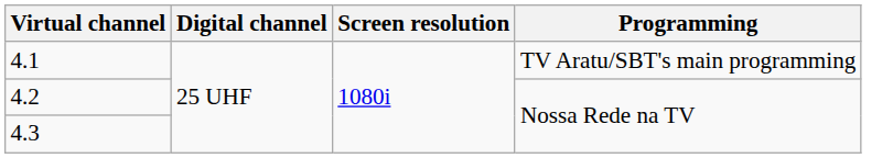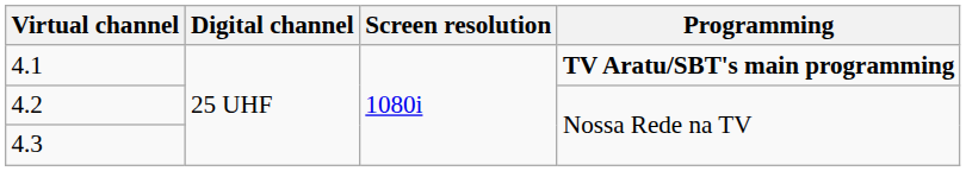 <table class = wikitable>
 <tr>
 <th>Virtual channel</th>
 <th>Digital channel</th>
 <th>Screen resolution</th>
 <th>Programming</th>
 </tr>
 <tr>
 <td>4.1</td>
 <td rowspan=3>25 UHF</td>
 <td rowspan=3><a href='#'>1080i</a></td>
-<td>TV Aratu/SBT's main programming</td>
+<td><strong>TV Aratu/SBT's main programming</strong></td>
 </tr>
 <tr>
 <td>4.2</td>
 <td rowspan=2>Nossa Rede na TV</td>
 </tr>
 <tr>
 <td>4.3</td>
 </tr>
 </table>
